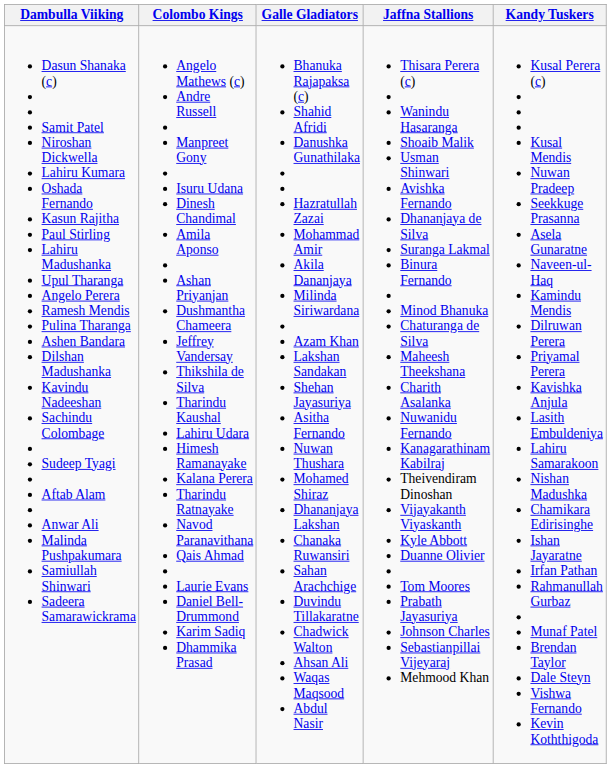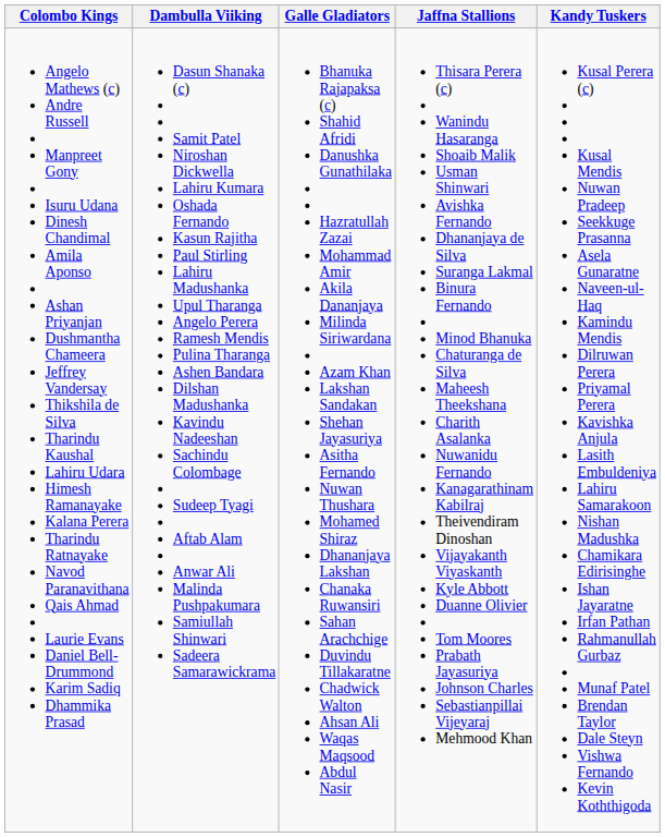 <table class="wikitable">
 <tr>
+<th style="width:280px;"><a href='#'>Colombo Kings</a></th>
 <th style="width:280px;"><a href='#'>Dambulla Viiking</a></th>
-<th style="width:280px;"><a href='#'>Colombo Kings</a></th>
 <th style="width:280px;"><a href='#'>Galle Gladiators</a></th>
 <th style="width:280px;"><a href='#'>Jaffna Stallions</a></th>
 <th style="width:280px;"><a href='#'>Kandy Tuskers</a></th>
 </tr>
 <tr>
+<td valign=top><br><ul><li><a href='#'>Angelo Mathews</a> (<a href='#'>c</a>)</li><li><a href='#'>Andre Russell</a></li><li></li><li><a href='#'>Manpreet Gony</a></li><li></li><li><a href='#'>Isuru Udana</a></li><li><a href='#'>Dinesh Chandimal</a></li><li><a href='#'>Amila Aponso</a></li><li></li><li><a href='#'>Ashan Priyanjan</a></li><li><a href='#'>Dushmantha Chameera</a></li><li><a href='#'>Jeffrey Vandersay</a></li><li><a href='#'>Thikshila de Silva</a></li><li><a href='#'>Tharindu Kaushal</a></li><li><a href='#'>Lahiru Udara</a></li><li><a href='#'>Himesh Ramanayake</a></li><li><a href='#'>Kalana Perera</a></li><li><a href='#'>Tharindu Ratnayake</a></li><li><a href='#'>Navod Paranavithana</a></li><li><a href='#'>Qais Ahmad</a></li><li></li><li><a href='#'>Laurie Evans</a></li><li><a href='#'>Daniel Bell-Drummond</a></li><li><a href='#'>Karim Sadiq</a></li><li><a href='#'>Dhammika Prasad</a></li></ul></td>
 <td valign=top><br><ul><li><a href='#'>Dasun Shanaka</a> (<a href='#'>c</a>)</li><li></li><li></li><li><a href='#'>Samit Patel</a></li><li><a href='#'>Niroshan Dickwella</a></li><li><a href='#'>Lahiru Kumara</a></li><li><a href='#'>Oshada Fernando</a></li><li><a href='#'>Kasun Rajitha</a></li><li><a href='#'>Paul Stirling</a></li><li><a href='#'>Lahiru Madushanka</a></li><li><a href='#'>Upul Tharanga</a></li><li><a href='#'>Angelo Perera</a></li><li><a href='#'>Ramesh Mendis</a></li><li><a href='#'>Pulina Tharanga</a></li><li><a href='#'>Ashen Bandara</a></li><li><a href='#'>Dilshan Madushanka</a></li><li><a href='#'>Kavindu Nadeeshan</a></li><li><a href='#'>Sachindu Colombage</a></li><li></li><li><a href='#'>Sudeep Tyagi</a></li><li></li><li><a href='#'>Aftab Alam</a></li><li></li><li><a href='#'>Anwar Ali</a></li><li><a href='#'>Malinda Pushpakumara</a></li><li><a href='#'>Samiullah Shinwari</a></li><li><a href='#'>Sadeera Samarawickrama</a></li></ul></td>
-<td valign=top><br><ul><li><a href='#'>Angelo Mathews</a> (<a href='#'>c</a>)</li><li><a href='#'>Andre Russell</a></li><li></li><li><a href='#'>Manpreet Gony</a></li><li></li><li><a href='#'>Isuru Udana</a></li><li><a href='#'>Dinesh Chandimal</a></li><li><a href='#'>Amila Aponso</a></li><li></li><li><a href='#'>Ashan Priyanjan</a></li><li><a href='#'>Dushmantha Chameera</a></li><li><a href='#'>Jeffrey Vandersay</a></li><li><a href='#'>Thikshila de Silva</a></li><li><a href='#'>Tharindu Kaushal</a></li><li><a href='#'>Lahiru Udara</a></li><li><a href='#'>Himesh Ramanayake</a></li><li><a href='#'>Kalana Perera</a></li><li><a href='#'>Tharindu Ratnayake</a></li><li><a href='#'>Navod Paranavithana</a></li><li><a href='#'>Qais Ahmad</a></li><li></li><li><a href='#'>Laurie Evans</a></li><li><a href='#'>Daniel Bell-Drummond</a></li><li><a href='#'>Karim Sadiq</a></li><li><a href='#'>Dhammika Prasad</a></li></ul></td>
 <td valign=top><br><ul><li><a href='#'>Bhanuka Rajapaksa</a> (<a href='#'>c</a>)</li><li><a href='#'>Shahid Afridi</a></li><li><a href='#'>Danushka Gunathilaka</a></li><li></li><li></li><li><a href='#'>Hazratullah Zazai</a></li><li><a href='#'>Mohammad Amir</a></li><li><a href='#'>Akila Dananjaya</a></li><li><a href='#'>Milinda Siriwardana</a></li><li></li><li><a href='#'>Azam Khan</a></li><li><a href='#'>Lakshan Sandakan</a></li><li><a href='#'>Shehan Jayasuriya</a></li><li><a href='#'>Asitha Fernando</a></li><li><a href='#'>Nuwan Thushara</a></li><li><a href='#'>Mohamed Shiraz</a></li><li><a href='#'>Dhananjaya Lakshan</a></li><li><a href='#'>Chanaka Ruwansiri</a></li><li><a href='#'>Sahan Arachchige</a></li><li><a href='#'>Duvindu Tillakaratne</a></li><li><a href='#'>Chadwick Walton</a></li><li><a href='#'>Ahsan Ali</a></li><li><a href='#'>Waqas Maqsood</a></li><li><a href='#'>Abdul Nasir</a></li></ul></td>
 <td valign=top><br><ul><li><a href='#'>Thisara Perera</a> (<a href='#'>c</a>)</li><li></li><li><a href='#'>Wanindu Hasaranga</a></li><li><a href='#'>Shoaib Malik</a></li><li><a href='#'>Usman Shinwari</a></li><li><a href='#'>Avishka Fernando</a></li><li><a href='#'>Dhananjaya de Silva</a></li><li><a href='#'>Suranga Lakmal</a></li><li><a href='#'>Binura Fernando</a></li><li></li><li><a href='#'>Minod Bhanuka</a></li><li><a href='#'>Chaturanga de Silva</a></li><li><a href='#'>Maheesh Theekshana</a></li><li><a href='#'>Charith Asalanka</a></li><li><a href='#'>Nuwanidu Fernando</a></li><li><a href='#'>Kanagarathinam Kabilraj</a></li><li>Theivendiram Dinoshan</li><li><a href='#'>Vijayakanth Viyaskanth</a></li><li><a href='#'>Kyle Abbott</a></li><li><a href='#'>Duanne Olivier</a></li><li></li><li><a href='#'>Tom Moores</a></li><li><a href='#'>Prabath Jayasuriya</a></li><li><a href='#'>Johnson Charles</a></li><li><a href='#'>Sebastianpillai Vijeyaraj</a></li><li>Mehmood Khan</li></ul></td>
 <td valign=top><br><ul><li><a href='#'>Kusal Perera</a> (<a href='#'>c</a>)</li><li></li><li></li><li></li><li><a href='#'>Kusal Mendis</a></li><li><a href='#'>Nuwan Pradeep</a></li><li><a href='#'>Seekkuge Prasanna</a></li><li><a href='#'>Asela Gunaratne</a></li><li><a href='#'>Naveen-ul-Haq</a></li><li><a href='#'>Kamindu Mendis</a></li><li><a href='#'>Dilruwan Perera</a></li><li><a href='#'>Priyamal Perera</a></li><li><a href='#'>Kavishka Anjula</a></li><li><a href='#'>Lasith Embuldeniya</a></li><li><a href='#'>Lahiru Samarakoon</a></li><li><a href='#'>Nishan Madushka</a></li><li><a href='#'>Chamikara Edirisinghe</a></li><li><a href='#'>Ishan Jayaratne</a></li><li><a href='#'>Irfan Pathan</a></li><li><a href='#'>Rahmanullah Gurbaz</a></li><li></li><li><a href='#'>Munaf Patel</a></li><li><a href='#'>Brendan Taylor</a></li><li><a href='#'>Dale Steyn</a></li><li><a href='#'>Vishwa Fernando</a></li><li><a href='#'>Kevin Koththigoda</a></li></ul></td>
 </tr>
 </table>
